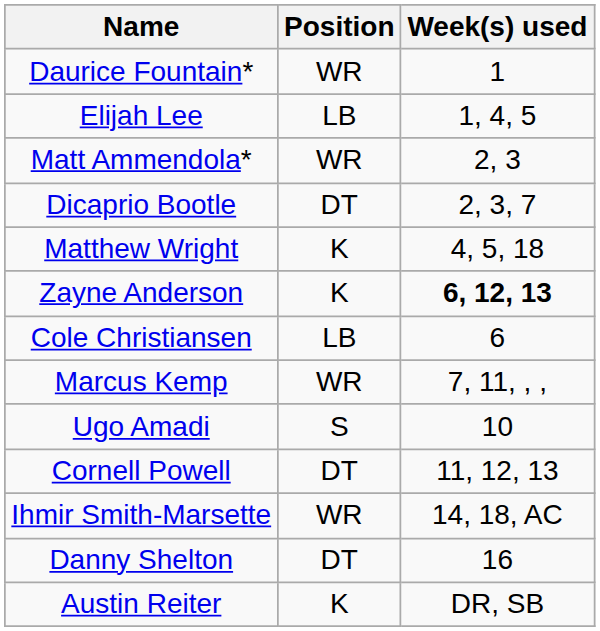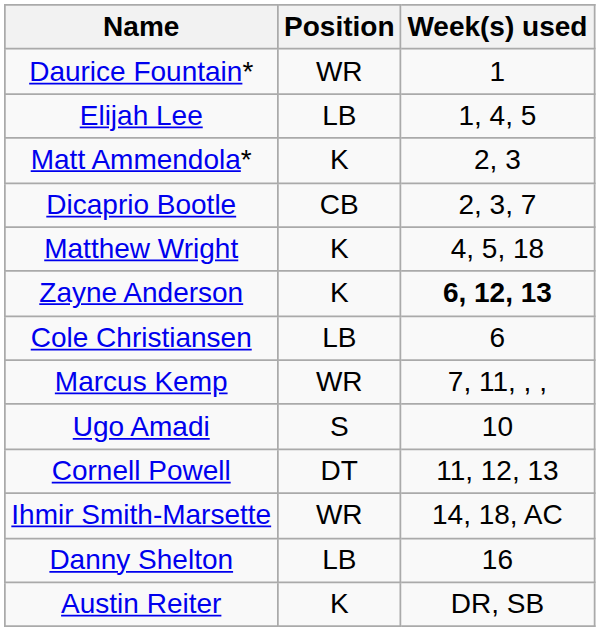 <table class="wikitable" style="text-align:center">
 <tr>
 <th>Name</th>
 <th>Position</th>
 <th>Week(s) used</th>
 </tr>
 <tr>
 <td><a href='#'>Daurice Fountain</a>*</td>
 <td>WR</td>
 <td>1</td>
 </tr>
 <tr>
 <td><a href='#'>Elijah Lee</a></td>
 <td>LB</td>
 <td>1, 4, 5</td>
 </tr>
 <tr>
 <td><a href='#'>Matt Ammendola</a>*</td>
-<td>WR</td>
+<td>K</td>
 <td>2, 3</td>
 </tr>
 <tr>
 <td><a href='#'>Dicaprio Bootle</a></td>
-<td>DT</td>
+<td>CB</td>
 <td>2, 3, 7</td>
 </tr>
 <tr>
 <td><a href='#'>Matthew Wright</a></td>
 <td>K</td>
 <td>4, 5, 18</td>
 </tr>
 <tr>
 <td><a href='#'>Zayne Anderson</a></td>
 <td>K</td>
 <td><strong>6, 12, 13</strong></td>
 </tr>
 <tr>
 <td><a href='#'>Cole Christiansen</a></td>
 <td>LB</td>
 <td>6</td>
 </tr>
 <tr>
 <td><a href='#'>Marcus Kemp</a></td>
 <td>WR</td>
 <td>7, 11, , , </td>
 </tr>
 <tr>
 <td><a href='#'>Ugo Amadi</a></td>
 <td>S</td>
 <td>10</td>
 </tr>
 <tr>
 <td><a href='#'>Cornell Powell</a></td>
 <td>DT</td>
 <td>11, 12, 13</td>
 </tr>
 <tr>
 <td><a href='#'>Ihmir Smith-Marsette</a></td>
 <td>WR</td>
 <td>14, 18, AC</td>
 </tr>
 <tr>
 <td><a href='#'>Danny Shelton</a></td>
-<td>DT</td>
+<td>LB</td>
 <td>16</td>
 </tr>
 <tr>
 <td><a href='#'>Austin Reiter</a></td>
 <td>K</td>
 <td>DR, SB</td>
 </tr>
 </table>
